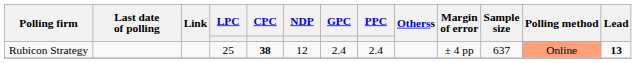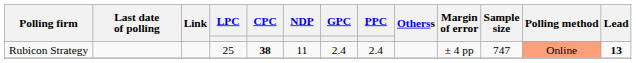 <table class="wikitable sortable mw-datatable" style="text-align:center;font-size:90%;line-height:14px;">
 <tr style="height:40px;">
 <th style="width:105px;" rowspan="2">Polling firm</th>
 <th style="width:105px;" rowspan="2">Last date<br>of polling</th>
 <th rowspan="2">Link</th>
 <th style="width:40px;"><a href='#'>LPC</a></th>
 <th style="width:40px;"><a href='#'>CPC</a></th>
 <th style="width:40px;"><a href='#'>NDP</a></th>
 <th style="width:40px;"><a href='#'>GPC</a></th>
 <th style="width:40px;"><a href='#'>PPC</a></th>
 <th rowspan="2" style="width:40px"><a href='#'>Others</a>s</th>
 <th rowspan="2">Margin<br>of error</th>
 <th rowspan="2">Sample<br>size</th>
 <th rowspan="2">Polling method</th>
 <th rowspan="2">Lead</th>
 </tr>
 <tr class="sorttop">
 <th style="background:"></th>
 <th style="background:"></th>
 <th style="background:"></th>
 <th style="background:"></th>
 <th style="background:"></th>
 </tr>
 <tr>
 <td>Rubicon Strategy</td>
 <td></td>
 <td></td>
 <td>25</td>
 <td><strong>38</strong></td>
-<td>12</td>
+<td>11</td>
 <td>2.4</td>
 <td>2.4</td>
 <td></td>
 <td>± 4 pp</td>
-<td>637</td>
+<td>747</td>
 <td style="background: lightsalmon;">Online</td>
 <td><strong>13</strong></td>
 </tr>
 <tr>
 </tr>
 </table>
